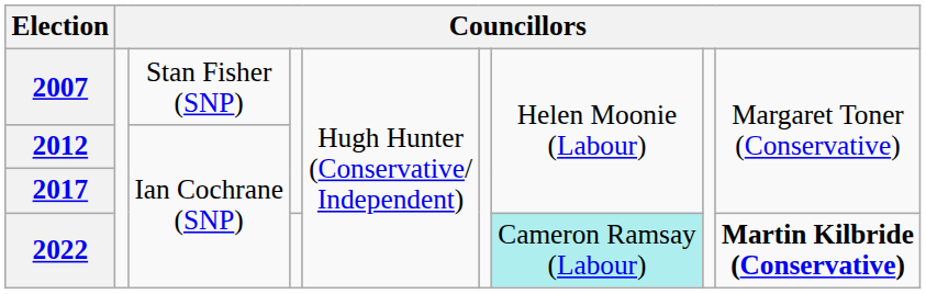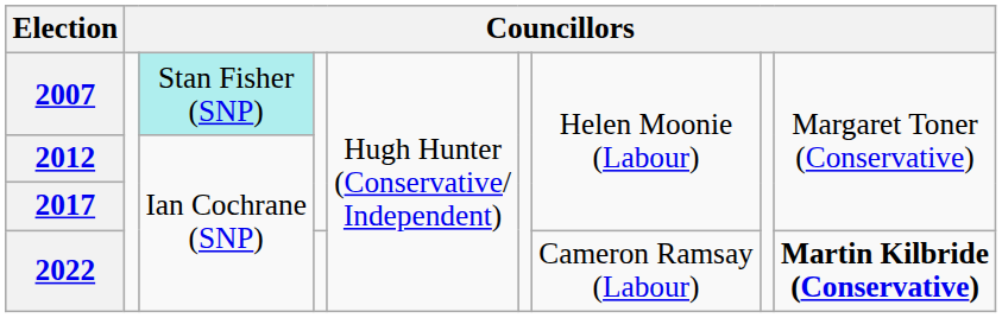 <table class="wikitable" style="text-align:center">
 <tr>
 <th>Election</th>
 <th colspan=8>Councillors</th>
 </tr>
 <tr>
 <th><a href='#'>2007</a></th>
 <td rowspan=4; style="background-color: "></td>
-<td>Stan Fisher<br>(<a href='#'>SNP</a>)</td>
+<td style="background: paleturquoise;">Stan Fisher<br>(<a href='#'>SNP</a>)</td>
 <td rowspan=3; style="background-color: "></td>
 <td rowspan=4>Hugh Hunter<br>(<a href='#'>Conservative</a>/<br><a href='#'>Independent</a>)</td>
 <td rowspan=4; style="background-color: "></td>
 <td rowspan=3>Helen Moonie<br>(<a href='#'>Labour</a>)</td>
 <td rowspan=4; style="background-color: "></td>
 <td rowspan=3>Margaret Toner<br>(<a href='#'>Conservative</a>)</td>
 </tr>
 <tr>
 <th><a href='#'>2012</a></th>
 <td rowspan=3>Ian Cochrane<br>(<a href='#'>SNP</a>)</td>
 </tr>
 <tr>
 <th><a href='#'>2017</a></th>
 </tr>
 <tr>
 <th><a href='#'>2022</a></th>
 <td style="background-color: "></td>
-<td style="background: paleturquoise;">Cameron Ramsay<br>(<a href='#'>Labour</a>)</td>
+<td>Cameron Ramsay<br>(<a href='#'>Labour</a>)</td>
 <td><strong>Martin Kilbride<br>(<a href='#'>Conservative</a>)</strong></td>
 </tr>
 </table>
